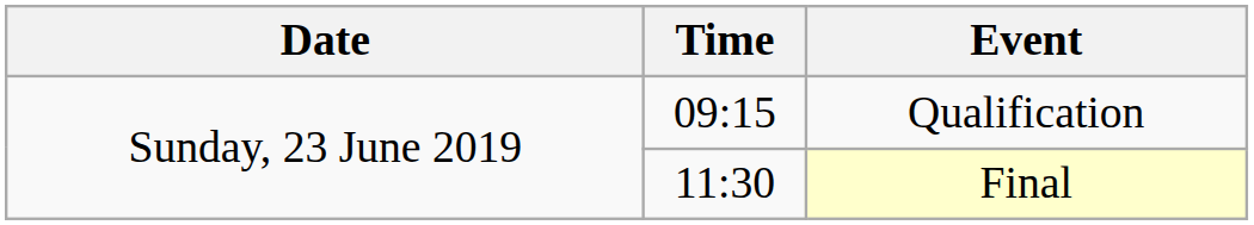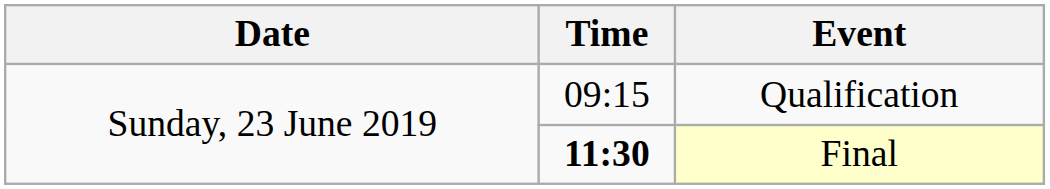 <table class = "wikitable" style="text-align:center;">
 <tr>
 <th width=220>Date</th>
 <th width=50>Time</th>
 <th width=150>Event</th>
 </tr>
 <tr>
 <td rowspan=2>Sunday, 23 June 2019</td>
 <td>09:15</td>
 <td>Qualification</td>
 </tr>
 <tr>
-<td>11:30</td>
+<td><strong>11:30</strong></td>
 <td bgcolor=ffffcc>Final</td>
 </tr>
 </table>
